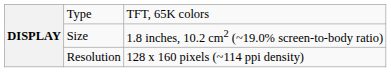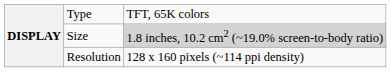 <table class="wikitable">
 <tr>
 <th rowspan="5">DISPLAY</th>
 <td>Type</td>
 <td>TFT, 65K colors</td>
 </tr>
 <tr>
 <td>Size</td>
-<td>1.8 inches, 10.2 cm<sup>2</sup> (~19.0% screen-to-body ratio)</td>
+<td style="background: lightgrey;">1.8 inches, 10.2 cm<sup>2</sup> (~19.0% screen-to-body ratio)</td>
 </tr>
 <tr>
 <td>Resolution</td>
 <td>128 x 160 pixels (~114 ppi density)</td>
 </tr>
 </table>
